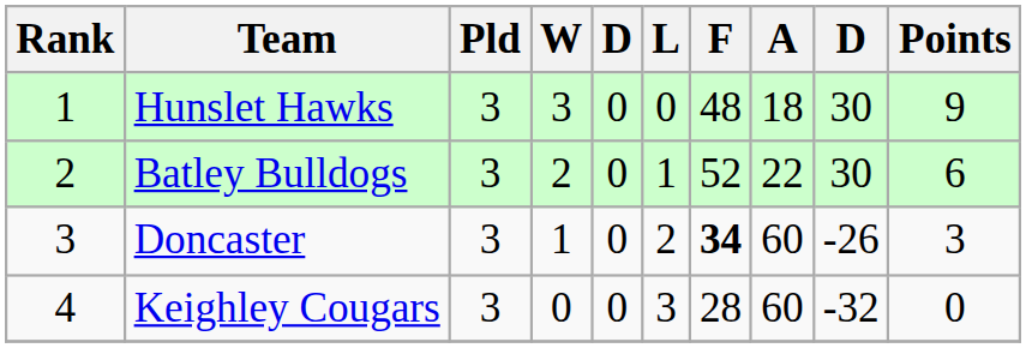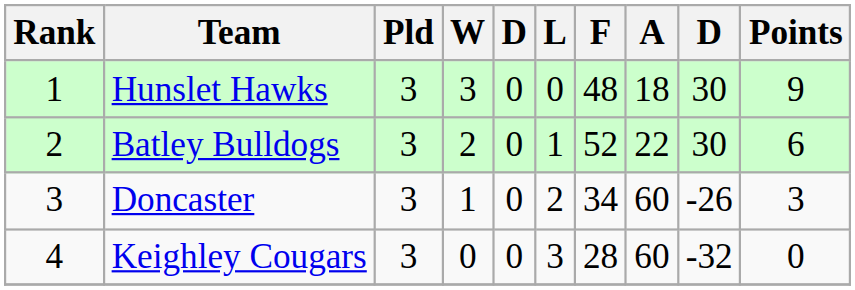 <table class="wikitable" style="text-align: center;">
 <tr>
 <th>Rank</th>
 <th>Team</th>
 <th>Pld</th>
 <th>W</th>
 <th>D</th>
 <th>L</th>
 <th>F</th>
 <th>A</th>
 <th>D</th>
 <th>Points</th>
 </tr>
 <tr bgcolor="#ccffcc">
 <td rowspan="1">1</td>
 <td align="left"><a href='#'>Hunslet Hawks</a></td>
 <td rowspan="1!">3</td>
 <td rowspan="1">3</td>
 <td rowspan="1">0</td>
 <td rowspan="1">0</td>
 <td rowspan="1">48</td>
 <td rowspan="1">18</td>
 <td rowspan="1">30</td>
 <td rowspan="1!">9</td>
 </tr>
 <tr bgcolor="#ccffcc">
 <td rowspan="1">2</td>
 <td align="left"><a href='#'>Batley Bulldogs</a></td>
 <td rowspan="1">3</td>
 <td rowspan="1">2</td>
 <td rowspan="1">0</td>
 <td rowspan="1">1</td>
 <td rowspan="1">52</td>
 <td rowspan="1">22</td>
 <td rowspan="1">30</td>
 <td rowspan="1!">6</td>
 </tr>
 <tr>
 <td rowspan="1">3</td>
 <td align="left"><a href='#'>Doncaster</a></td>
 <td rowspan="1">3</td>
 <td rowspan="1">1</td>
 <td rowspan="1">0</td>
 <td rowspan="1">2</td>
-<td rowspan="1"><strong>34</strong></td>
+<td rowspan="1">34</td>
 <td rowspan="1">60</td>
 <td rowspan="1">-26</td>
 <td rowspan="1!">3</td>
 </tr>
 <tr>
 <td rowspan="1">4</td>
 <td align="left"><a href='#'>Keighley Cougars</a></td>
 <td rowspan="1">3</td>
 <td rowspan="1">0</td>
 <td rowspan="1">0</td>
 <td rowspan="1">3</td>
 <td rowspan="1">28</td>
 <td rowspan="1">60</td>
 <td rowspan="1">-32</td>
 <td rowspan="1!">0</td>
 </tr>
 <tr>
 </tr>
 </table>
